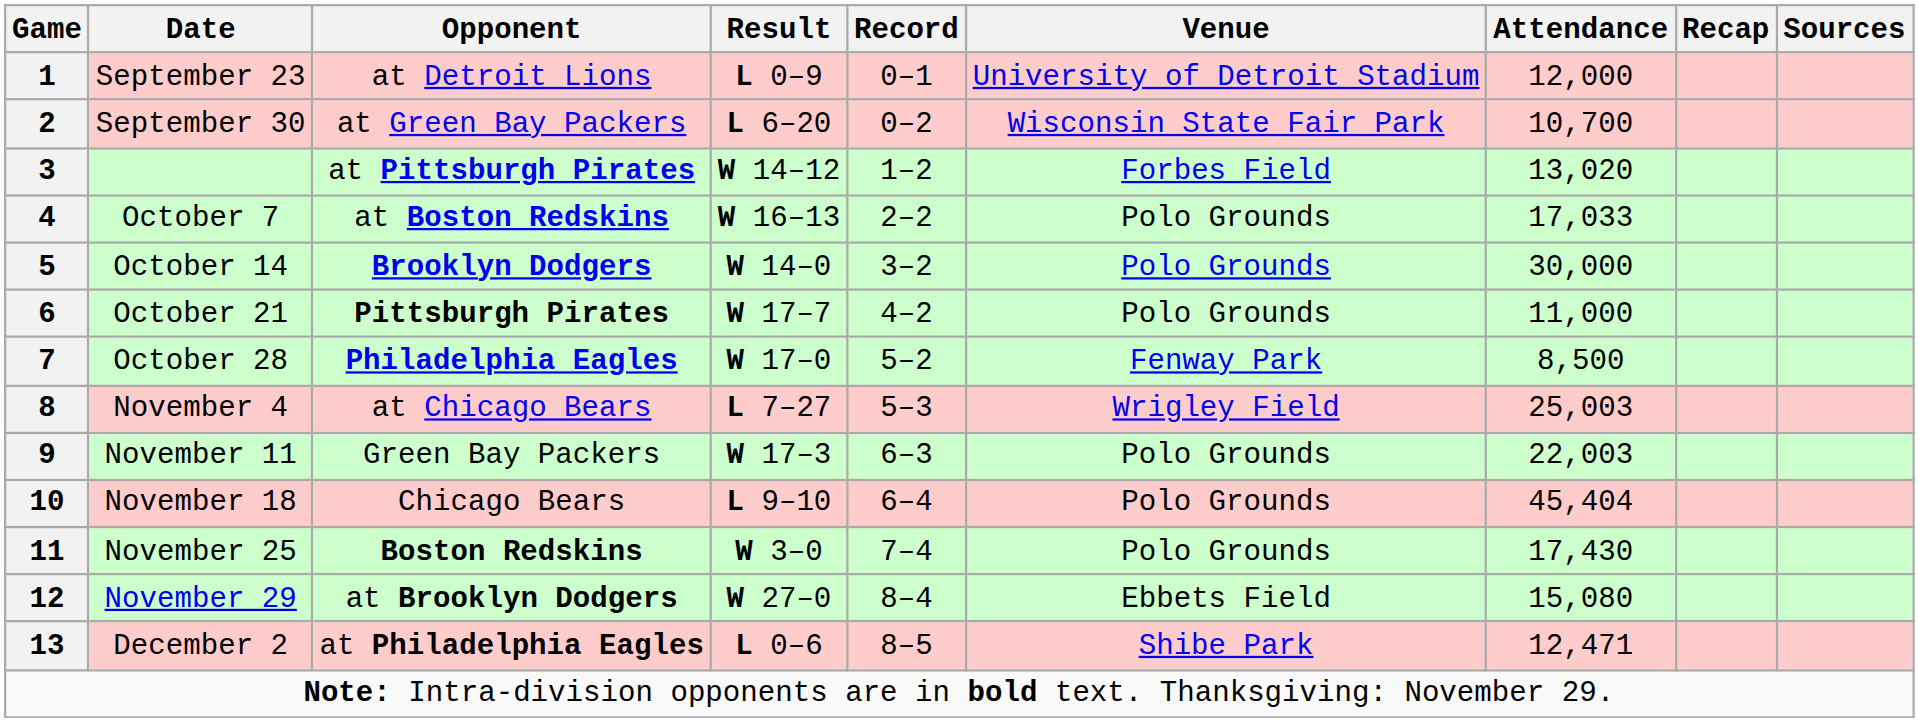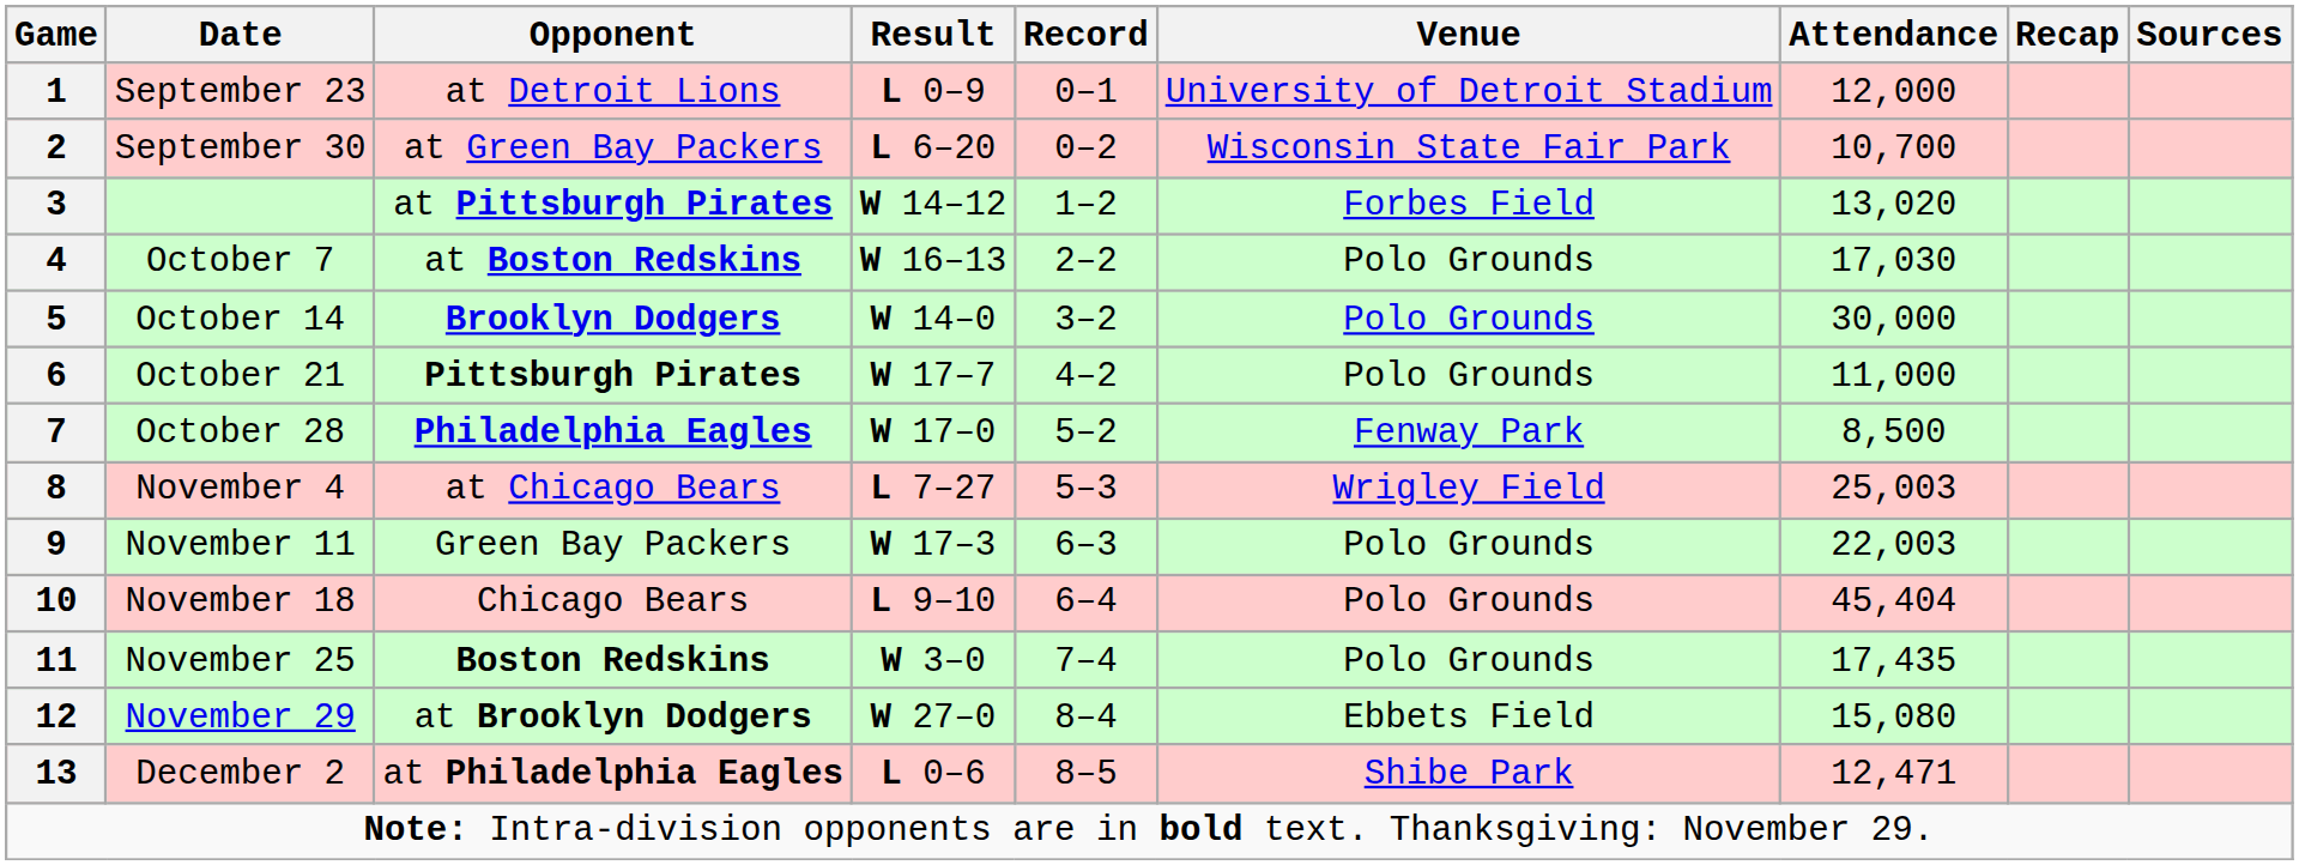 <table class="wikitable" style="text-align:center">
 <tr>
 <th>Game</th>
 <th>Date</th>
 <th>Opponent</th>
 <th>Result</th>
 <th>Record</th>
 <th>Venue</th>
 <th>Attendance</th>
 <th>Recap</th>
 <th>Sources</th>
 </tr>
 <tr style="background:#fcc">
 <th>1</th>
 <td>September 23</td>
 <td>at <a href='#'>Detroit Lions</a></td>
 <td><strong>L</strong> 0–9</td>
 <td>0–1</td>
 <td><a href='#'>University of Detroit Stadium</a></td>
 <td>12,000</td>
 <td></td>
 <td></td>
 </tr>
 <tr style="background:#fcc">
 <th>2</th>
 <td>September 30</td>
 <td>at <a href='#'>Green Bay Packers</a></td>
 <td><strong>L</strong> 6–20</td>
 <td>0–2</td>
 <td><a href='#'>Wisconsin State Fair Park</a></td>
 <td>10,700</td>
 <td></td>
 <td></td>
 </tr>
 <tr style="background:#cfc">
 <th>3</th>
 <td></td>
 <td>at <strong><a href='#'>Pittsburgh Pirates</a></strong></td>
 <td><strong>W</strong> 14–12</td>
 <td>1–2</td>
 <td><a href='#'>Forbes Field</a></td>
 <td>13,020</td>
 <td></td>
 <td></td>
 </tr>
 <tr style="background:#cfc">
 <th>4</th>
 <td>October 7</td>
 <td>at <strong><a href='#'>Boston Redskins</a></strong></td>
 <td><strong>W</strong> 16–13</td>
 <td>2–2</td>
 <td>Polo Grounds</td>
-<td>17,033</td>
+<td>17,030</td>
 <td></td>
 <td></td>
 </tr>
 <tr style="background:#cfc">
 <th>5</th>
 <td>October 14</td>
 <td><strong><a href='#'>Brooklyn Dodgers</a></strong></td>
 <td><strong>W</strong> 14–0</td>
 <td>3–2</td>
 <td><a href='#'>Polo Grounds</a></td>
 <td>30,000</td>
 <td></td>
 <td></td>
 </tr>
 <tr style="background:#cfc">
 <th>6</th>
 <td>October 21</td>
 <td><strong>Pittsburgh Pirates</strong></td>
 <td><strong>W</strong> 17–7</td>
 <td>4–2</td>
 <td>Polo Grounds</td>
 <td>11,000</td>
 <td></td>
 <td></td>
 </tr>
 <tr style="background:#cfc">
 <th>7</th>
 <td>October 28</td>
 <td><strong><a href='#'>Philadelphia Eagles</a></strong></td>
 <td><strong>W</strong> 17–0</td>
 <td>5–2</td>
 <td><a href='#'>Fenway Park</a></td>
 <td>8,500</td>
 <td></td>
 <td></td>
 </tr>
 <tr style="background:#fcc">
 <th>8</th>
 <td>November 4</td>
 <td>at <a href='#'>Chicago Bears</a></td>
 <td><strong>L</strong> 7–27</td>
 <td>5–3</td>
 <td><a href='#'>Wrigley Field</a></td>
 <td>25,003</td>
 <td></td>
 <td></td>
 </tr>
 <tr style="background:#cfc">
 <th>9</th>
 <td>November 11</td>
 <td>Green Bay Packers</td>
 <td><strong>W</strong> 17–3</td>
 <td>6–3</td>
 <td>Polo Grounds</td>
 <td>22,003</td>
 <td></td>
 <td></td>
 </tr>
 <tr style="background:#fcc">
 <th>10</th>
 <td>November 18</td>
 <td>Chicago Bears</td>
 <td><strong>L</strong> 9–10</td>
 <td>6–4</td>
 <td>Polo Grounds</td>
 <td>45,404</td>
 <td></td>
 <td></td>
 </tr>
 <tr style="background:#cfc">
 <th>11</th>
 <td>November 25</td>
 <td><strong>Boston Redskins</strong></td>
 <td><strong>W</strong> 3–0</td>
 <td>7–4</td>
 <td>Polo Grounds</td>
-<td>17,430</td>
+<td>17,435</td>
 <td></td>
 <td></td>
 </tr>
 <tr style="background:#cfc">
 <th>12</th>
 <td><a href='#'>November 29</a></td>
 <td>at <strong>Brooklyn Dodgers</strong></td>
 <td><strong>W</strong> 27–0</td>
 <td>8–4</td>
 <td>Ebbets Field</td>
 <td>15,080</td>
 <td></td>
 <td></td>
 </tr>
 <tr style="background:#fcc">
 <th>13</th>
 <td>December 2</td>
 <td>at <strong>Philadelphia Eagles</strong></td>
 <td><strong>L</strong> 0–6</td>
 <td>8–5</td>
 <td><a href='#'>Shibe Park</a></td>
 <td>12,471</td>
 <td></td>
 <td></td>
 </tr>
 <tr>
 <td colspan="10"><strong>Note:</strong> Intra-division opponents are in <strong>bold</strong> text. Thanksgiving: November 29.</td>
 </tr>
 </table>
